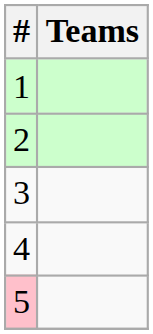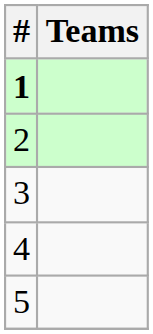 <table class="wikitable">
 <tr>
 <th>#</th>
 <th>Teams</th>
 </tr>
 <tr bgcolor=ccffcc>
-<td>1</td>
+<td><strong>1</strong></td>
 <td></td>
 </tr>
 <tr bgcolor=ccffcc>
 <td>2</td>
 <td></td>
 </tr>
 <tr>
 <td>3</td>
 <td></td>
 </tr>
 <tr>
 <td>4</td>
 <td></td>
 </tr>
 <tr>
-<td style="background: pink;">5</td>
+<td>5</td>
 <td></td>
 </tr>
 <tr>
 </tr>
 </table>
